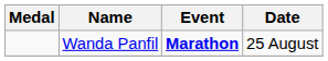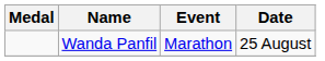 <table class="wikitable" style="font-size:90%">
 <tr>
 <th>Medal</th>
 <th>Name</th>
 <th>Event</th>
 <th>Date</th>
 </tr>
 <tr>
 <td></td>
 <td><a href='#'>Wanda Panfil</a></td>
-<td><strong><a href='#'>Marathon</a></strong></td>
+<td><a href='#'>Marathon</a></td>
 <td>25 August</td>
 </tr>
 <tr>
 </tr>
 </table>
